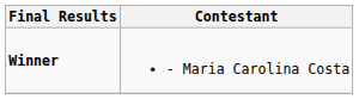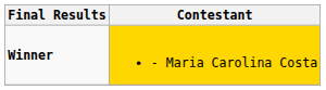 <table class="wikitable">
 <tr>
 <th>Final Results</th>
 <th>Contestant</th>
 </tr>
 <tr>
 <td><strong>Winner</strong></td>
-<td><br><ul><li><strong></strong> - Maria Carolina Costa</li></ul></td>
+<td style="background: gold;"><br><ul><li><strong></strong> - Maria Carolina Costa</li></ul></td>
 </tr>
 <tr>
 </tr>
 </table>
